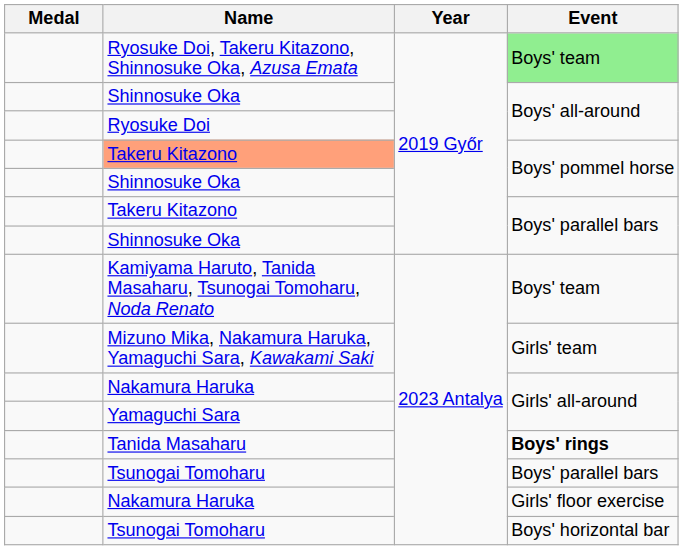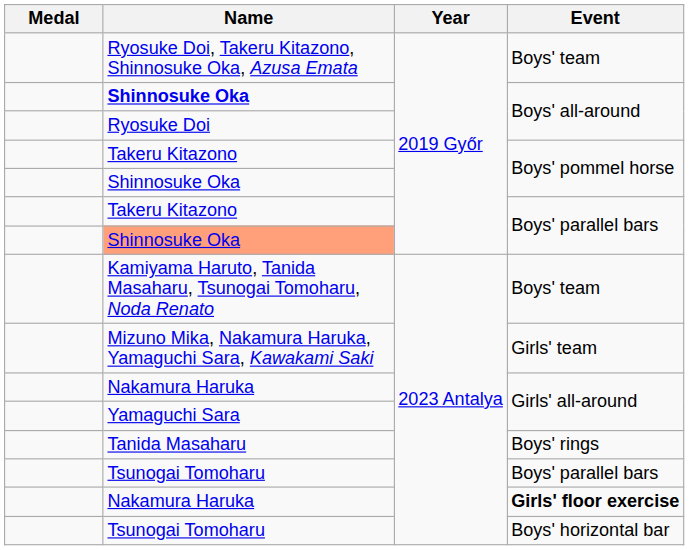 <table class="wikitable sortable">
 <tr>
 <th style="width:5em;">Medal</th>
 <th width=250>Name</th>
 <th>Year</th>
 <th>Event</th>
 </tr>
 <tr>
 <td></td>
 <td><a href='#'>Ryosuke Doi</a>, <a href='#'>Takeru Kitazono</a>, <a href='#'>Shinnosuke Oka</a>, <em><a href='#'>Azusa Emata</a></em></td>
 <td rowspan="7"> <a href='#'>2019 Győr</a></td>
-<td style="background: lightgreen;">Boys' team</td>
+<td>Boys' team</td>
 </tr>
 <tr>
 <td></td>
-<td><a href='#'>Shinnosuke Oka</a></td>
+<td><strong><a href='#'>Shinnosuke Oka</a></strong></td>
 <td rowspan="2">Boys' all-around</td>
 </tr>
 <tr>
 <td></td>
 <td><a href='#'>Ryosuke Doi</a></td>
 </tr>
 <tr>
 <td></td>
-<td style="background: lightsalmon;"><a href='#'>Takeru Kitazono</a></td>
+<td><a href='#'>Takeru Kitazono</a></td>
 <td rowspan="2">Boys' pommel horse</td>
 </tr>
 <tr>
 <td></td>
 <td><a href='#'>Shinnosuke Oka</a></td>
 </tr>
 <tr>
 <td></td>
 <td><a href='#'>Takeru Kitazono</a></td>
 <td rowspan="2">Boys' parallel bars</td>
 </tr>
 <tr>
 <td></td>
-<td><a href='#'>Shinnosuke Oka</a></td>
+<td style="background: lightsalmon;"><a href='#'>Shinnosuke Oka</a></td>
 </tr>
 <tr>
 <td></td>
 <td><a href='#'>Kamiyama Haruto</a>, <a href='#'>Tanida Masaharu</a>, <a href='#'>Tsunogai Tomoharu</a>, <em><a href='#'>Noda Renato</a></em></td>
 <td rowspan="8"> <a href='#'>2023 Antalya</a></td>
 <td>Boys' team</td>
 </tr>
 <tr>
 <td></td>
 <td><a href='#'>Mizuno Mika</a>, <a href='#'>Nakamura Haruka</a>, <a href='#'>Yamaguchi Sara</a>, <em><a href='#'>Kawakami Saki</a></em></td>
 <td>Girls' team</td>
 </tr>
 <tr>
 <td></td>
 <td><a href='#'>Nakamura Haruka</a></td>
 <td rowspan="2">Girls' all-around</td>
 </tr>
 <tr>
 <td></td>
 <td><a href='#'>Yamaguchi Sara</a></td>
 </tr>
 <tr>
 <td></td>
 <td><a href='#'>Tanida Masaharu</a></td>
-<td><strong>Boys' rings</strong></td>
+<td>Boys' rings</td>
 </tr>
 <tr>
 <td></td>
 <td><a href='#'>Tsunogai Tomoharu</a></td>
 <td>Boys' parallel bars</td>
 </tr>
 <tr>
 <td></td>
 <td><a href='#'>Nakamura Haruka</a></td>
-<td>Girls' floor exercise</td>
+<td><strong>Girls' floor exercise</strong></td>
 </tr>
 <tr>
 <td></td>
 <td><a href='#'>Tsunogai Tomoharu</a></td>
 <td>Boys' horizontal bar</td>
 </tr>
 </table>
